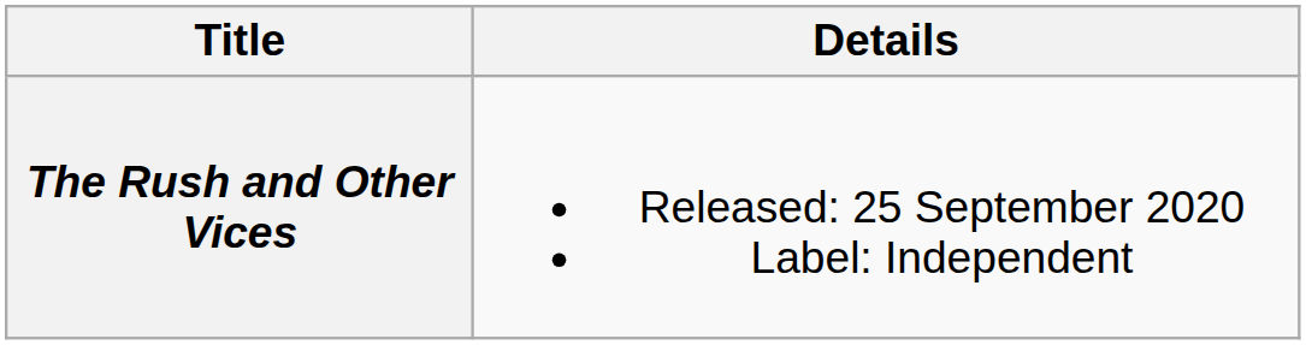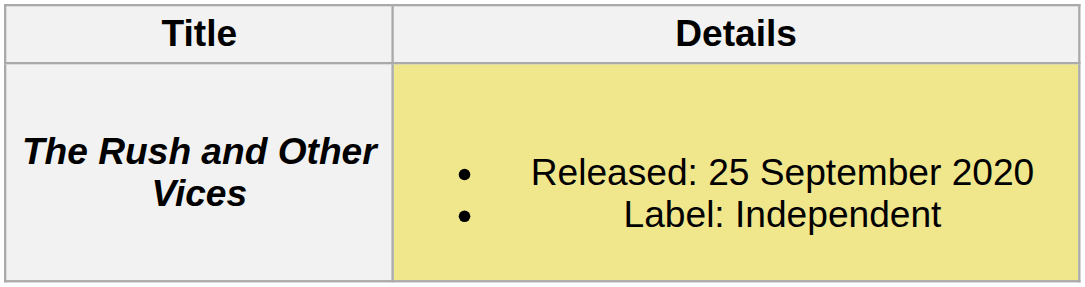 <table class="wikitable plainrowheaders" style="text-align:center;">
 <tr>
 <th scope="col" style="width:10em;">Title</th>
 <th scope="col" style="width:18em;">Details</th>
 </tr>
 <tr>
 <th scope="row"><em>The Rush and Other Vices</em></th>
-<td><br><ul><li>Released: 25 September 2020</li><li>Label: Independent</li></ul></td>
+<td style="background: khaki;"><br><ul><li>Released: 25 September 2020</li><li>Label: Independent</li></ul></td>
 </tr>
 </table>
